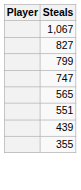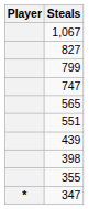 <table class="wikitable sortable">
 <tr>
 <th scope="col">Player</th>
 <th scope="col">Steals</th>
 </tr>
 <tr>
 <th scope="row"></th>
 <td style="text-align:right">1,067</td>
 </tr>
 <tr>
 <th scope="row"></th>
 <td style="text-align:right">827</td>
 </tr>
 <tr>
 <th scope="row"></th>
 <td style="text-align:right">799</td>
 </tr>
 <tr>
 <th scope="row"></th>
 <td style="text-align:right">747</td>
 </tr>
 <tr>
 <th scope="row"></th>
 <td style="text-align:right">565</td>
 </tr>
 <tr>
 <th scope="row"></th>
 <td style="text-align:right">551</td>
 </tr>
 <tr>
 <th scope="row"></th>
 <td style="text-align:right">439</td>
 </tr>
 <tr>
 <th scope="row"></th>
+<td style="text-align:right">398</td>
+</tr>
+<tr>
+<th scope="row"></th>
 <td style="text-align:right">355</td>
 </tr>
+<tr>
+<th scope="row">*</th>
+<td style="text-align:right">347</td>
+</tr>
 </table>
